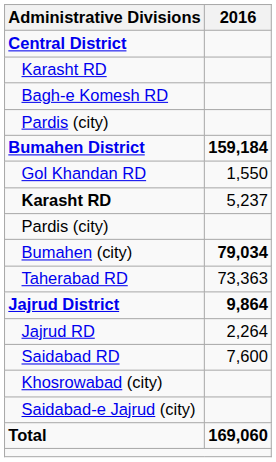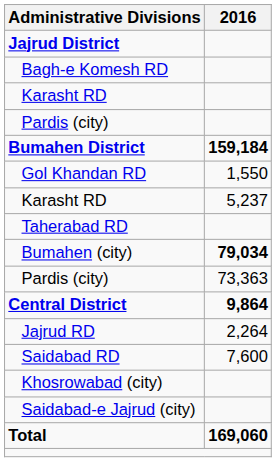 <table class="wikitable">
 <tr>
 <th>Administrative Divisions</th>
 <th>2016</th>
 </tr>
 <tr>
-<td><strong><a href='#'>Central District</a></strong></td>
+<td><strong><a href='#'>Jajrud District</a></strong></td>
+<td style="text-align: right;"></td>
+</tr>
+<tr>
+<td style="padding-left: 1em;"><a href='#'>Bagh-e Komesh RD</a></td>
 <td style="text-align: right;"></td>
 </tr>
 <tr>
 <td style="padding-left: 1em;"><a href='#'>Karasht RD</a></td>
-<td style="text-align: right;"></td>
-</tr>
-<tr>
-<td style="padding-left: 1em;"><a href='#'>Bagh-e Komesh RD</a></td>
 <td style="text-align: right;"></td>
 </tr>
 <tr>
 <td style="padding-left: 1em;"><a href='#'>Pardis</a> (city)</td>
 <td style="text-align: right;"></td>
 </tr>
 <tr>
 <td><strong><a href='#'>Bumahen District</a></strong></td>
 <td style="text-align: right;"><strong>159,184</strong></td>
 </tr>
 <tr>
 <td style="padding-left: 1em;"><a href='#'>Gol Khandan RD</a></td>
 <td style="text-align: right;">1,550</td>
 </tr>
 <tr>
-<td style="padding-left: 1em;"><strong>Karasht RD</strong></td>
+<td style="padding-left: 1em;">Karasht RD</td>
 <td style="text-align: right;">5,237</td>
 </tr>
 <tr>
-<td style="padding-left: 1em;">Pardis (city)</td>
+<td style="padding-left: 1em;"><a href='#'>Taherabad RD</a></td>
 <td style="text-align: right;"></td>
 </tr>
 <tr>
 <td style="padding-left: 1em;"><a href='#'>Bumahen</a> (city)</td>
 <td style="text-align: right;"><strong>79,034</strong></td>
 </tr>
 <tr>
-<td style="padding-left: 1em;"><a href='#'>Taherabad RD</a></td>
+<td style="padding-left: 1em;">Pardis (city)</td>
 <td style="text-align: right;">73,363</td>
 </tr>
 <tr>
-<td><strong><a href='#'>Jajrud District</a></strong></td>
+<td><strong><a href='#'>Central District</a></strong></td>
 <td style="text-align: right;"><strong>9,864</strong></td>
 </tr>
 <tr>
 <td style="padding-left: 1em;"><a href='#'>Jajrud RD</a></td>
 <td style="text-align: right;">2,264</td>
 </tr>
 <tr>
 <td style="padding-left: 1em;"><a href='#'>Saidabad RD</a></td>
 <td style="text-align: right;">7,600</td>
 </tr>
 <tr>
 <td style="padding-left: 1em;"><a href='#'>Khosrowabad</a> (city)</td>
 <td style="text-align: right;"></td>
 </tr>
 <tr>
 <td style="padding-left: 1em;"><a href='#'>Saidabad-e Jajrud</a> (city)</td>
 <td style="text-align: right;"></td>
 </tr>
 <tr>
 <td><strong>Total</strong></td>
 <td style="text-align: right;"><strong>169,060</strong></td>
 </tr>
 <tr>
 <td colspan=2></td>
 </tr>
 </table>
